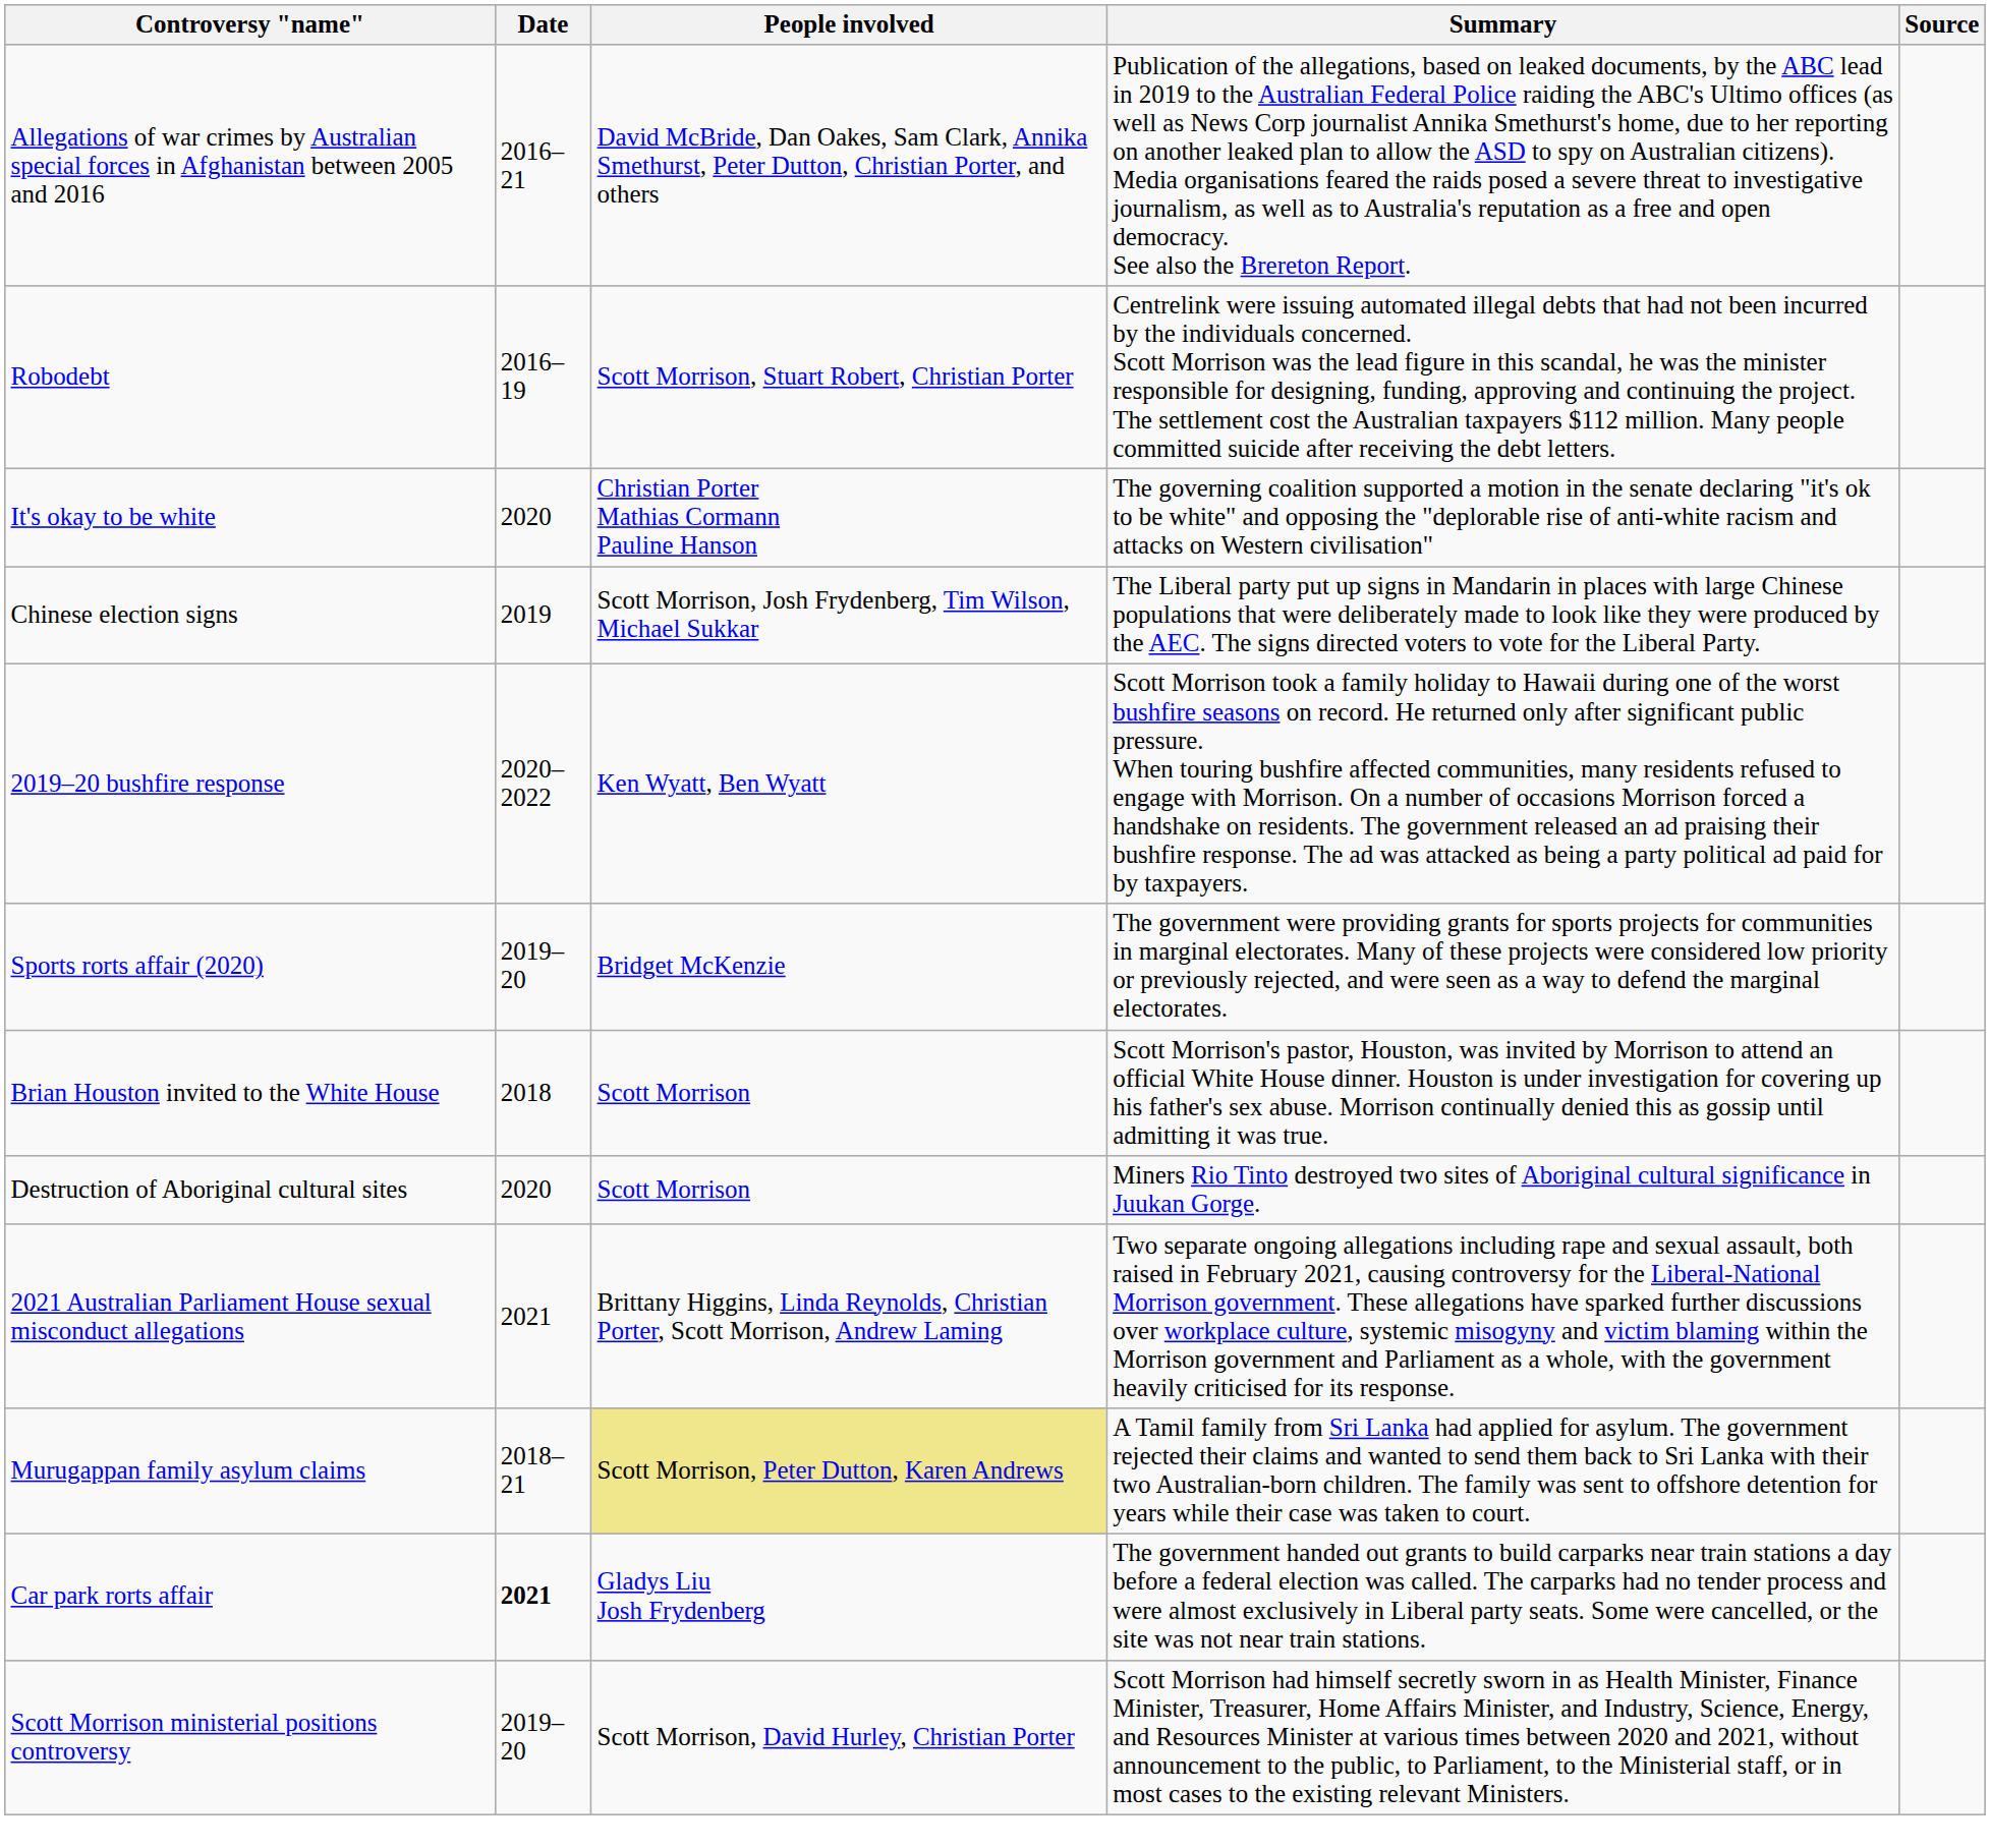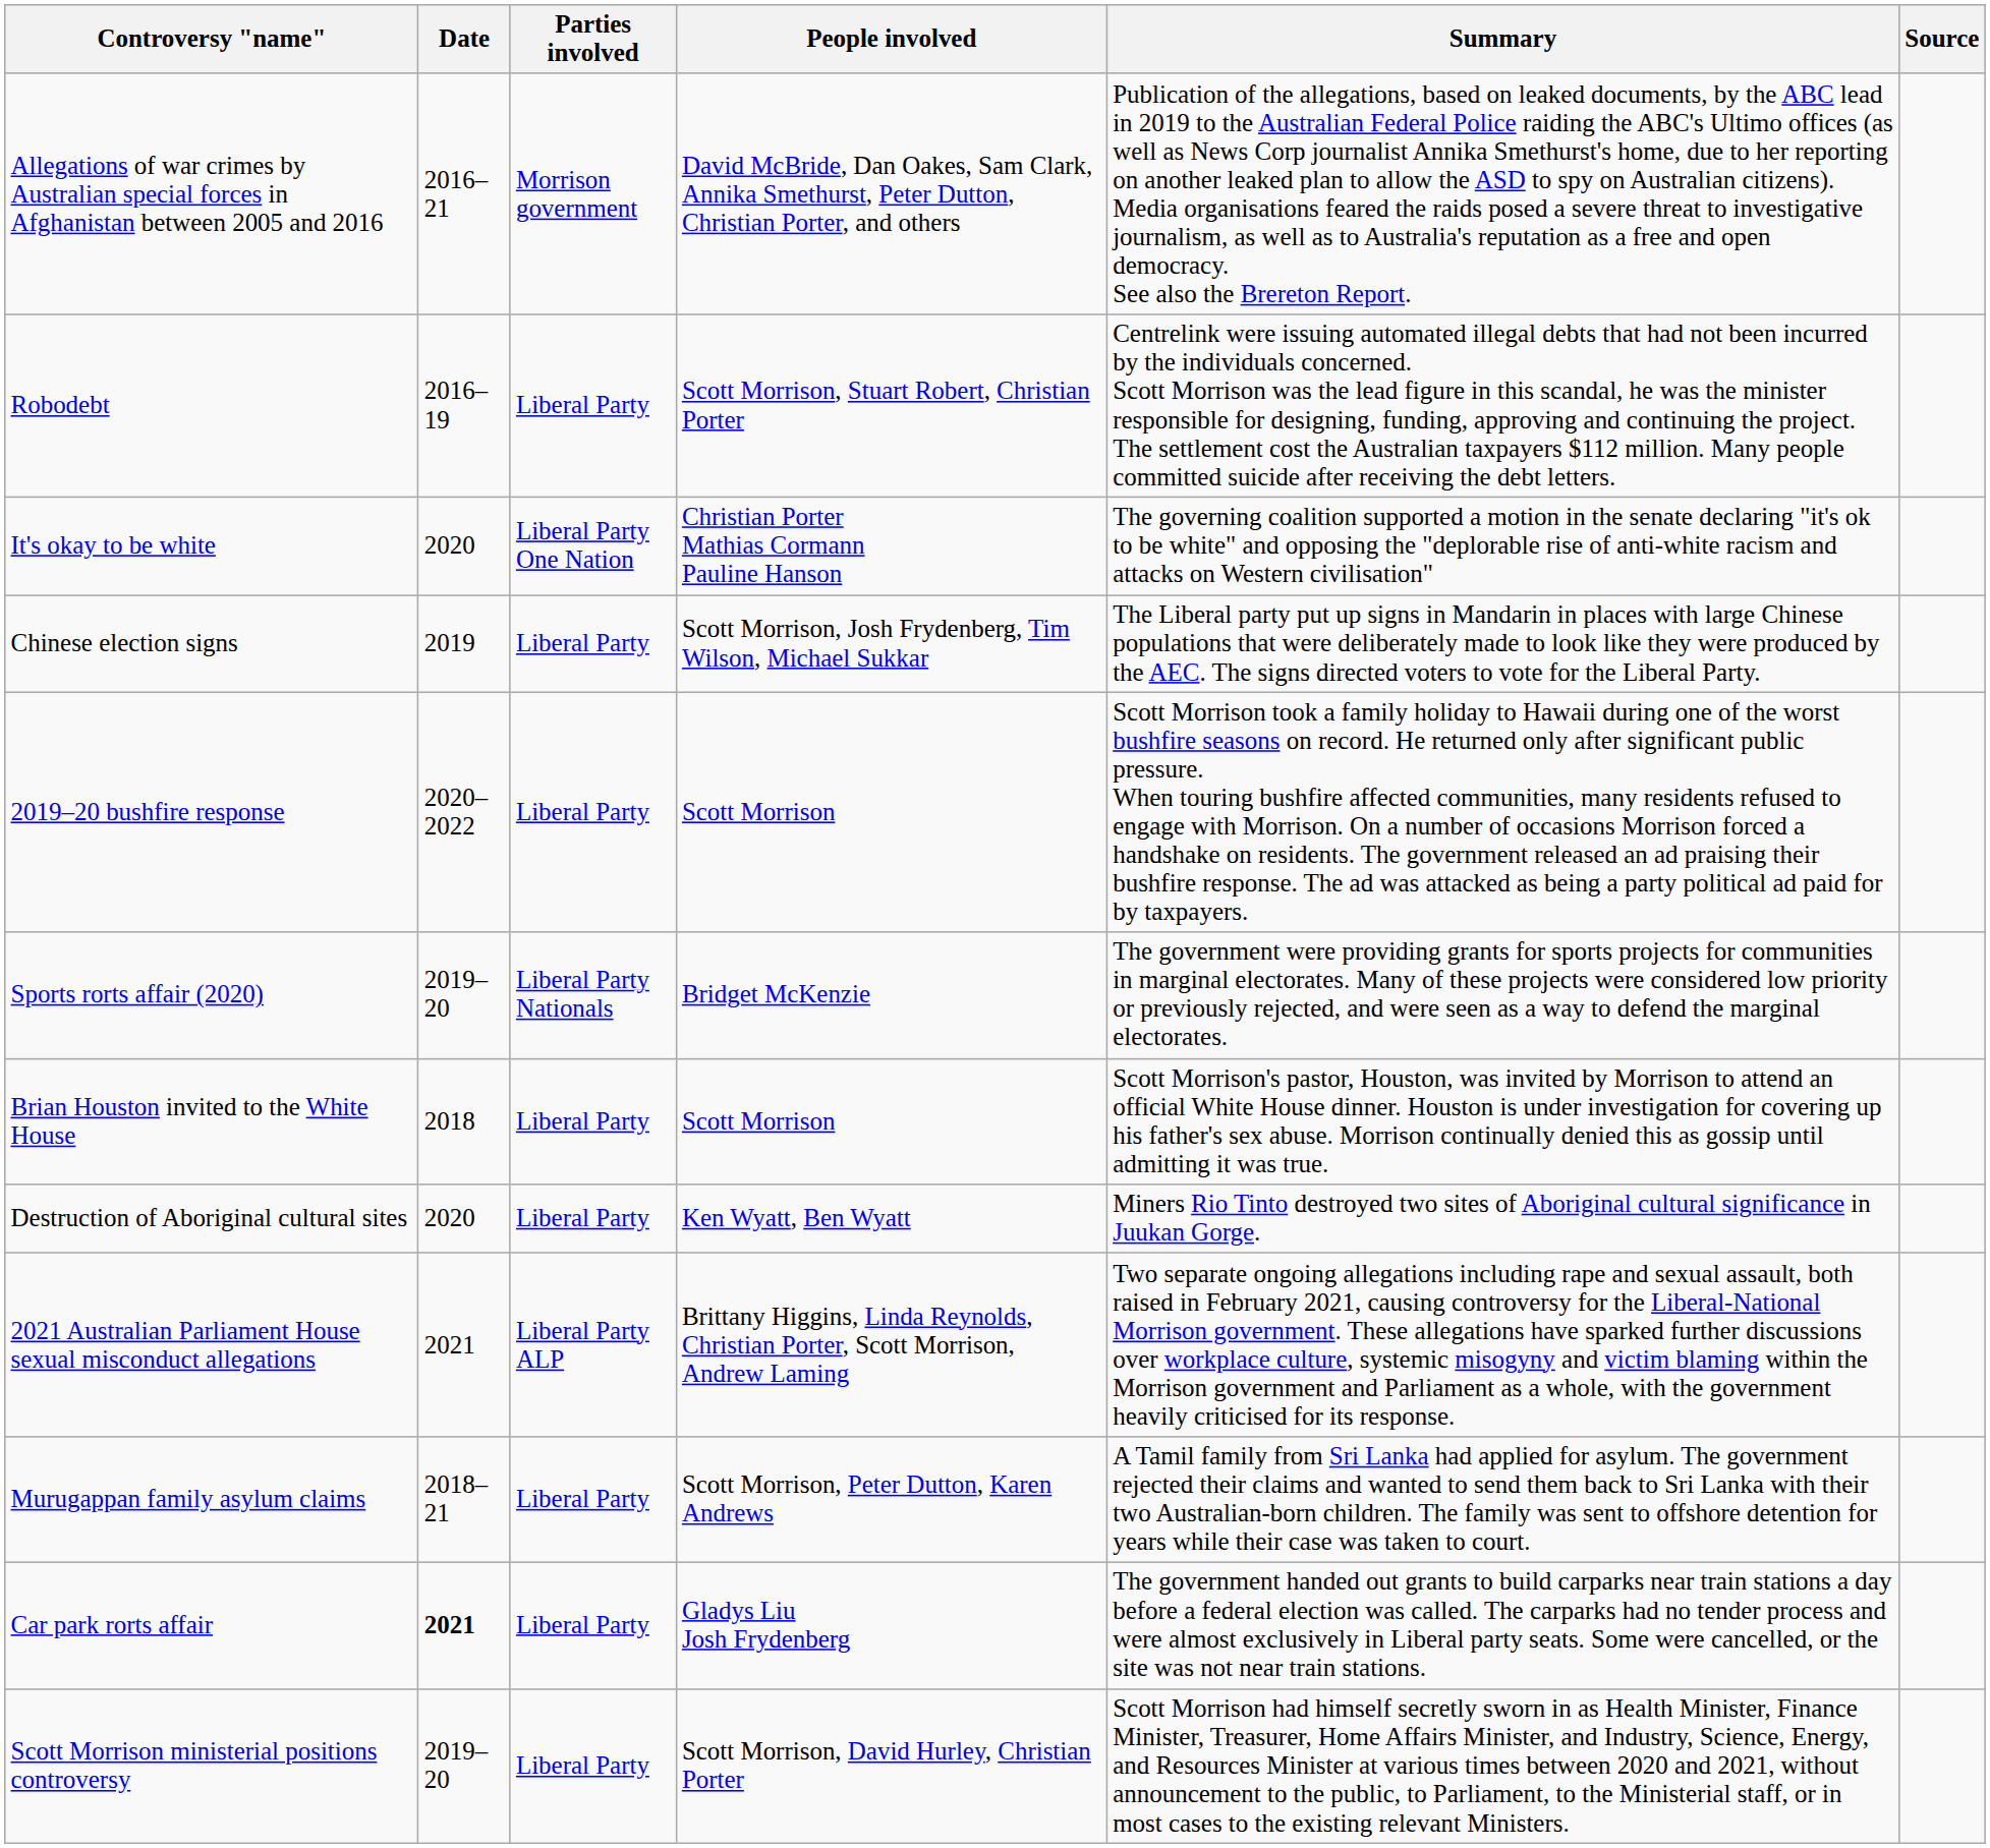 <table Class="wikitable sortable">
 <tr>
 <th>Controversy "name"<br></th>
 <th>Date<br></th>
+<th>Parties involved<br></th>
 <th>People involved<br></th>
 <th width=40%>Summary<br></th>
 <th>Source<br></th>
 </tr>
 <tr>
 <td><a href='#'>Allegations</a> of war crimes by <a href='#'>Australian special forces</a> in <a href='#'>Afghanistan</a> between 2005 and 2016</td>
 <td>2016–21</td>
+<td><a href='#'>Morrison government</a></td>
 <td><a href='#'>David McBride</a>, Dan Oakes, Sam Clark, <a href='#'>Annika Smethurst</a>, <a href='#'>Peter Dutton</a>, <a href='#'>Christian Porter</a>, and others</td>
 <td>Publication of the allegations, based on leaked documents, by the <a href='#'>ABC</a> lead in 2019 to the <a href='#'>Australian Federal Police</a> raiding the ABC's Ultimo offices (as well as News Corp journalist Annika Smethurst's home, due to her reporting on another leaked plan to allow the <a href='#'>ASD</a> to spy on Australian citizens). Media organisations feared the raids posed a severe threat to investigative journalism, as well as to Australia's reputation as a free and open democracy. <br>See also the <a href='#'>Brereton Report</a>.</td>
 <td></td>
 </tr>
 <tr>
 <td><a href='#'>Robodebt</a></td>
 <td>2016–19</td>
+<td><a href='#'>Liberal Party</a></td>
 <td><a href='#'>Scott Morrison</a>, <a href='#'>Stuart Robert</a>, <a href='#'>Christian Porter</a></td>
 <td>Centrelink were issuing automated illegal debts that had not been incurred by the individuals concerned.<br>Scott Morrison was the lead figure in this scandal, he was the minister responsible for designing, funding, approving and continuing the project. The settlement cost the Australian taxpayers $112 million. Many people committed suicide after receiving the debt letters.</td>
 <td></td>
 </tr>
 <tr>
 <td><a href='#'>It's okay to be white</a></td>
 <td>2020</td>
+<td><a href='#'>Liberal Party</a><br><a href='#'>One Nation</a></td>
 <td><a href='#'>Christian Porter</a><br><a href='#'>Mathias Cormann</a><br><a href='#'>Pauline Hanson</a></td>
 <td>The governing coalition supported a motion in the senate declaring "it's ok to be white" and opposing the "deplorable rise of anti-white racism and attacks on Western civilisation"</td>
 <td></td>
 </tr>
 <tr>
 <td>Chinese election signs</td>
 <td>2019</td>
+<td><a href='#'>Liberal Party</a></td>
 <td>Scott Morrison, Josh Frydenberg, <a href='#'>Tim Wilson</a>, <a href='#'>Michael Sukkar</a></td>
 <td>The Liberal party put up signs in Mandarin in places with large Chinese populations that were deliberately made to look like they were produced by the <a href='#'>AEC</a>. The signs directed voters to vote for the Liberal Party.</td>
 <td></td>
 </tr>
 <tr>
 <td><a href='#'>2019–20 bushfire response</a></td>
 <td>2020–2022</td>
-<td><a href='#'>Ken Wyatt</a>, <a href='#'>Ben Wyatt</a></td>
+<td><a href='#'>Liberal Party</a></td>
+<td><a href='#'>Scott Morrison</a></td>
 <td>Scott Morrison took a family holiday to Hawaii during one of the worst <a href='#'>bushfire seasons</a> on record. He returned only after significant public pressure.<br>When touring bushfire affected communities, many residents refused to engage with Morrison. On a number of occasions Morrison forced a handshake on residents. The government released an ad praising their bushfire response. The ad was attacked as being a party political ad paid for by taxpayers.</td>
 <td></td>
 </tr>
 <tr>
 <td><a href='#'>Sports rorts affair (2020)</a></td>
 <td>2019–20</td>
+<td><a href='#'>Liberal Party</a><br><a href='#'>Nationals</a></td>
 <td><a href='#'>Bridget McKenzie</a></td>
 <td>The government were providing grants for sports projects for communities in marginal electorates. Many of these projects were considered low priority or previously rejected, and were seen as a way to defend the marginal electorates.</td>
 <td></td>
 </tr>
 <tr>
 <td><a href='#'>Brian Houston</a> invited to the <a href='#'>White House</a></td>
 <td>2018</td>
+<td><a href='#'>Liberal Party</a></td>
 <td><a href='#'>Scott Morrison</a></td>
 <td>Scott Morrison's pastor, Houston, was invited by Morrison to attend an official White House dinner. Houston is under investigation for covering up his father's sex abuse. Morrison continually denied this as gossip until admitting it was true.</td>
 <td></td>
 </tr>
 <tr>
 <td>Destruction of Aboriginal cultural sites</td>
 <td>2020</td>
-<td><a href='#'>Scott Morrison</a></td>
+<td><a href='#'>Liberal Party</a></td>
+<td><a href='#'>Ken Wyatt</a>, <a href='#'>Ben Wyatt</a></td>
 <td>Miners <a href='#'>Rio Tinto</a> destroyed two sites of <a href='#'>Aboriginal cultural significance</a> in <a href='#'>Juukan Gorge</a>.</td>
 <td></td>
 </tr>
 <tr>
 <td><a href='#'>2021 Australian Parliament House sexual misconduct allegations</a></td>
 <td>2021</td>
+<td><a href='#'>Liberal Party</a><br><a href='#'>ALP</a></td>
 <td>Brittany Higgins, <a href='#'>Linda Reynolds</a>, <a href='#'>Christian Porter</a>, Scott Morrison, <a href='#'>Andrew Laming</a></td>
 <td>Two separate ongoing allegations including rape and sexual assault, both raised in February 2021, causing controversy for the <a href='#'>Liberal-National</a> <a href='#'>Morrison government</a>. These allegations have sparked further discussions over <a href='#'>workplace culture</a>, systemic <a href='#'>misogyny</a> and <a href='#'>victim blaming</a> within the Morrison government and Parliament as a whole, with the government heavily criticised for its response.</td>
 <td></td>
 </tr>
 <tr>
 <td><a href='#'>Murugappan family asylum claims</a></td>
 <td>2018–21</td>
-<td style="background: khaki;">Scott Morrison, <a href='#'>Peter Dutton</a>, <a href='#'>Karen Andrews</a></td>
+<td><a href='#'>Liberal Party</a></td>
+<td>Scott Morrison, <a href='#'>Peter Dutton</a>, <a href='#'>Karen Andrews</a></td>
 <td>A Tamil family from <a href='#'>Sri Lanka</a> had applied for asylum. The government rejected their claims and wanted to send them back to Sri Lanka with their two Australian-born children. The family was sent to offshore detention for years while their case was taken to court.</td>
 <td></td>
 </tr>
 <tr>
 <td><a href='#'>Car park rorts affair</a></td>
 <td><strong>2021</strong></td>
+<td><a href='#'>Liberal Party</a></td>
 <td><a href='#'>Gladys Liu</a><br><a href='#'>Josh Frydenberg</a></td>
 <td>The government handed out grants to build carparks near train stations a day before a federal election was called. The carparks had no tender process and were almost exclusively in Liberal party seats. Some were cancelled, or the site was not near train stations.</td>
 <td></td>
 </tr>
 <tr>
 <td><a href='#'>Scott Morrison ministerial positions controversy</a></td>
 <td>2019–20</td>
+<td><a href='#'>Liberal Party</a></td>
 <td>Scott Morrison, <a href='#'>David Hurley</a>, <a href='#'>Christian Porter</a></td>
 <td>Scott Morrison had himself secretly sworn in as Health Minister, Finance Minister, Treasurer, Home Affairs Minister, and Industry, Science, Energy, and Resources Minister at various times between 2020 and 2021, without announcement to the public, to Parliament, to the Ministerial staff, or in most cases to the existing relevant Ministers.</td>
 <td></td>
 </tr>
 </table>
